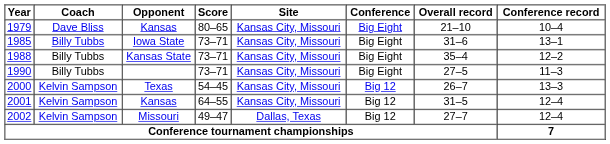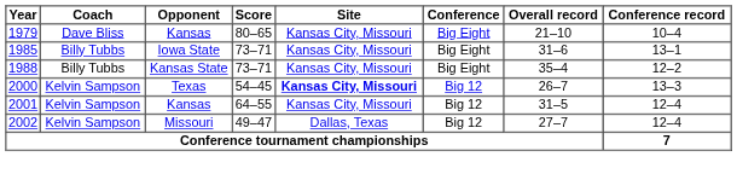 <table cellpadding="1" border="1" cellspacing="0" width="70%" style="text-align:center;">
 <tr>
 <th>Year</th>
 <th>Coach</th>
 <th>Opponent</th>
 <th>Score</th>
 <th>Site</th>
 <th>Conference</th>
 <th>Overall record</th>
 <th>Conference record</th>
 </tr>
 <tr>
 <td><a href='#'>1979</a></td>
 <td><a href='#'>Dave Bliss</a></td>
 <td><a href='#'>Kansas</a></td>
 <td>80–65</td>
 <td><a href='#'>Kansas City, Missouri</a></td>
 <td><a href='#'>Big Eight</a></td>
 <td>21–10</td>
 <td>10–4</td>
 </tr>
 <tr>
 <td><a href='#'>1985</a></td>
 <td><a href='#'>Billy Tubbs</a></td>
 <td><a href='#'>Iowa State</a></td>
 <td>73–71</td>
 <td><a href='#'>Kansas City, Missouri</a></td>
 <td>Big Eight</td>
 <td>31–6</td>
 <td>13–1</td>
 </tr>
 <tr>
 <td><a href='#'>1988</a></td>
 <td>Billy Tubbs</td>
 <td><a href='#'>Kansas State</a></td>
 <td>73–71</td>
 <td><a href='#'>Kansas City, Missouri</a></td>
 <td>Big Eight</td>
 <td>35–4</td>
 <td>12–2</td>
 </tr>
 <tr>
-<td><a href='#'>1990</a></td>
-<td>Billy Tubbs</td>
-<td></td>
-<td>73–71</td>
-<td><a href='#'>Kansas City, Missouri</a></td>
-<td>Big Eight</td>
-<td>27–5</td>
-<td>11–3</td>
-</tr>
-<tr>
 <td><a href='#'>2000</a></td>
 <td><a href='#'>Kelvin Sampson</a></td>
 <td><a href='#'>Texas</a></td>
 <td>54–45</td>
-<td><a href='#'>Kansas City, Missouri</a></td>
+<td><strong><a href='#'>Kansas City, Missouri</a></strong></td>
 <td><a href='#'>Big 12</a></td>
 <td>26–7</td>
 <td>13–3</td>
 </tr>
 <tr>
 <td><a href='#'>2001</a></td>
 <td><a href='#'>Kelvin Sampson</a></td>
 <td><a href='#'>Kansas</a></td>
 <td>64–55</td>
 <td><a href='#'>Kansas City, Missouri</a></td>
 <td>Big 12</td>
 <td>31–5</td>
 <td>12–4</td>
 </tr>
 <tr>
 <td><a href='#'>2002</a></td>
 <td><a href='#'>Kelvin Sampson</a></td>
 <td><a href='#'>Missouri</a></td>
 <td>49–47</td>
 <td><a href='#'>Dallas, Texas</a></td>
 <td>Big 12</td>
 <td>27–7</td>
 <td>12–4</td>
 </tr>
 <tr>
 <td colspan="7"><strong>Conference tournament championships</strong></td>
 <td colspan="1"><strong>7</strong></td>
 </tr>
 </table>
